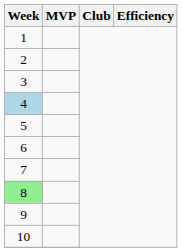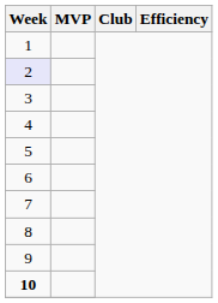 <table class="wikitable sortable" style="font-size:95%;">
 <tr>
 <th>Week</th>
 <th>MVP</th>
 <th>Club</th>
 <th>Efficiency</th>
 </tr>
 <tr>
 <td style="text-align:center;">1</td>
 <td></td>
 </tr>
 <tr>
-<td style="text-align:center;">2</td>
+<td style="background: lavender; text-align:center;">2</td>
 <td></td>
 </tr>
 <tr>
 <td style="text-align:center;">3</td>
 <td></td>
 </tr>
 <tr>
-<td style="background: lightblue; text-align:center;">4</td>
+<td style="text-align:center;">4</td>
 <td></td>
 </tr>
 <tr>
 <td style="text-align:center;">5</td>
 <td></td>
 </tr>
 <tr>
 <td style="text-align:center;">6</td>
 <td></td>
 </tr>
 <tr>
 <td style="text-align:center;">7</td>
 <td></td>
 </tr>
 <tr>
-<td style="background: lightgreen; text-align:center;">8</td>
+<td style="text-align:center;">8</td>
 <td></td>
 </tr>
 <tr>
 <td style="text-align:center;">9</td>
 <td></td>
 </tr>
 <tr>
-<td style="text-align:center;">10</td>
+<td style="text-align:center;"><strong>10</strong></td>
 <td></td>
 </tr>
 <tr>
 </tr>
 </table>
